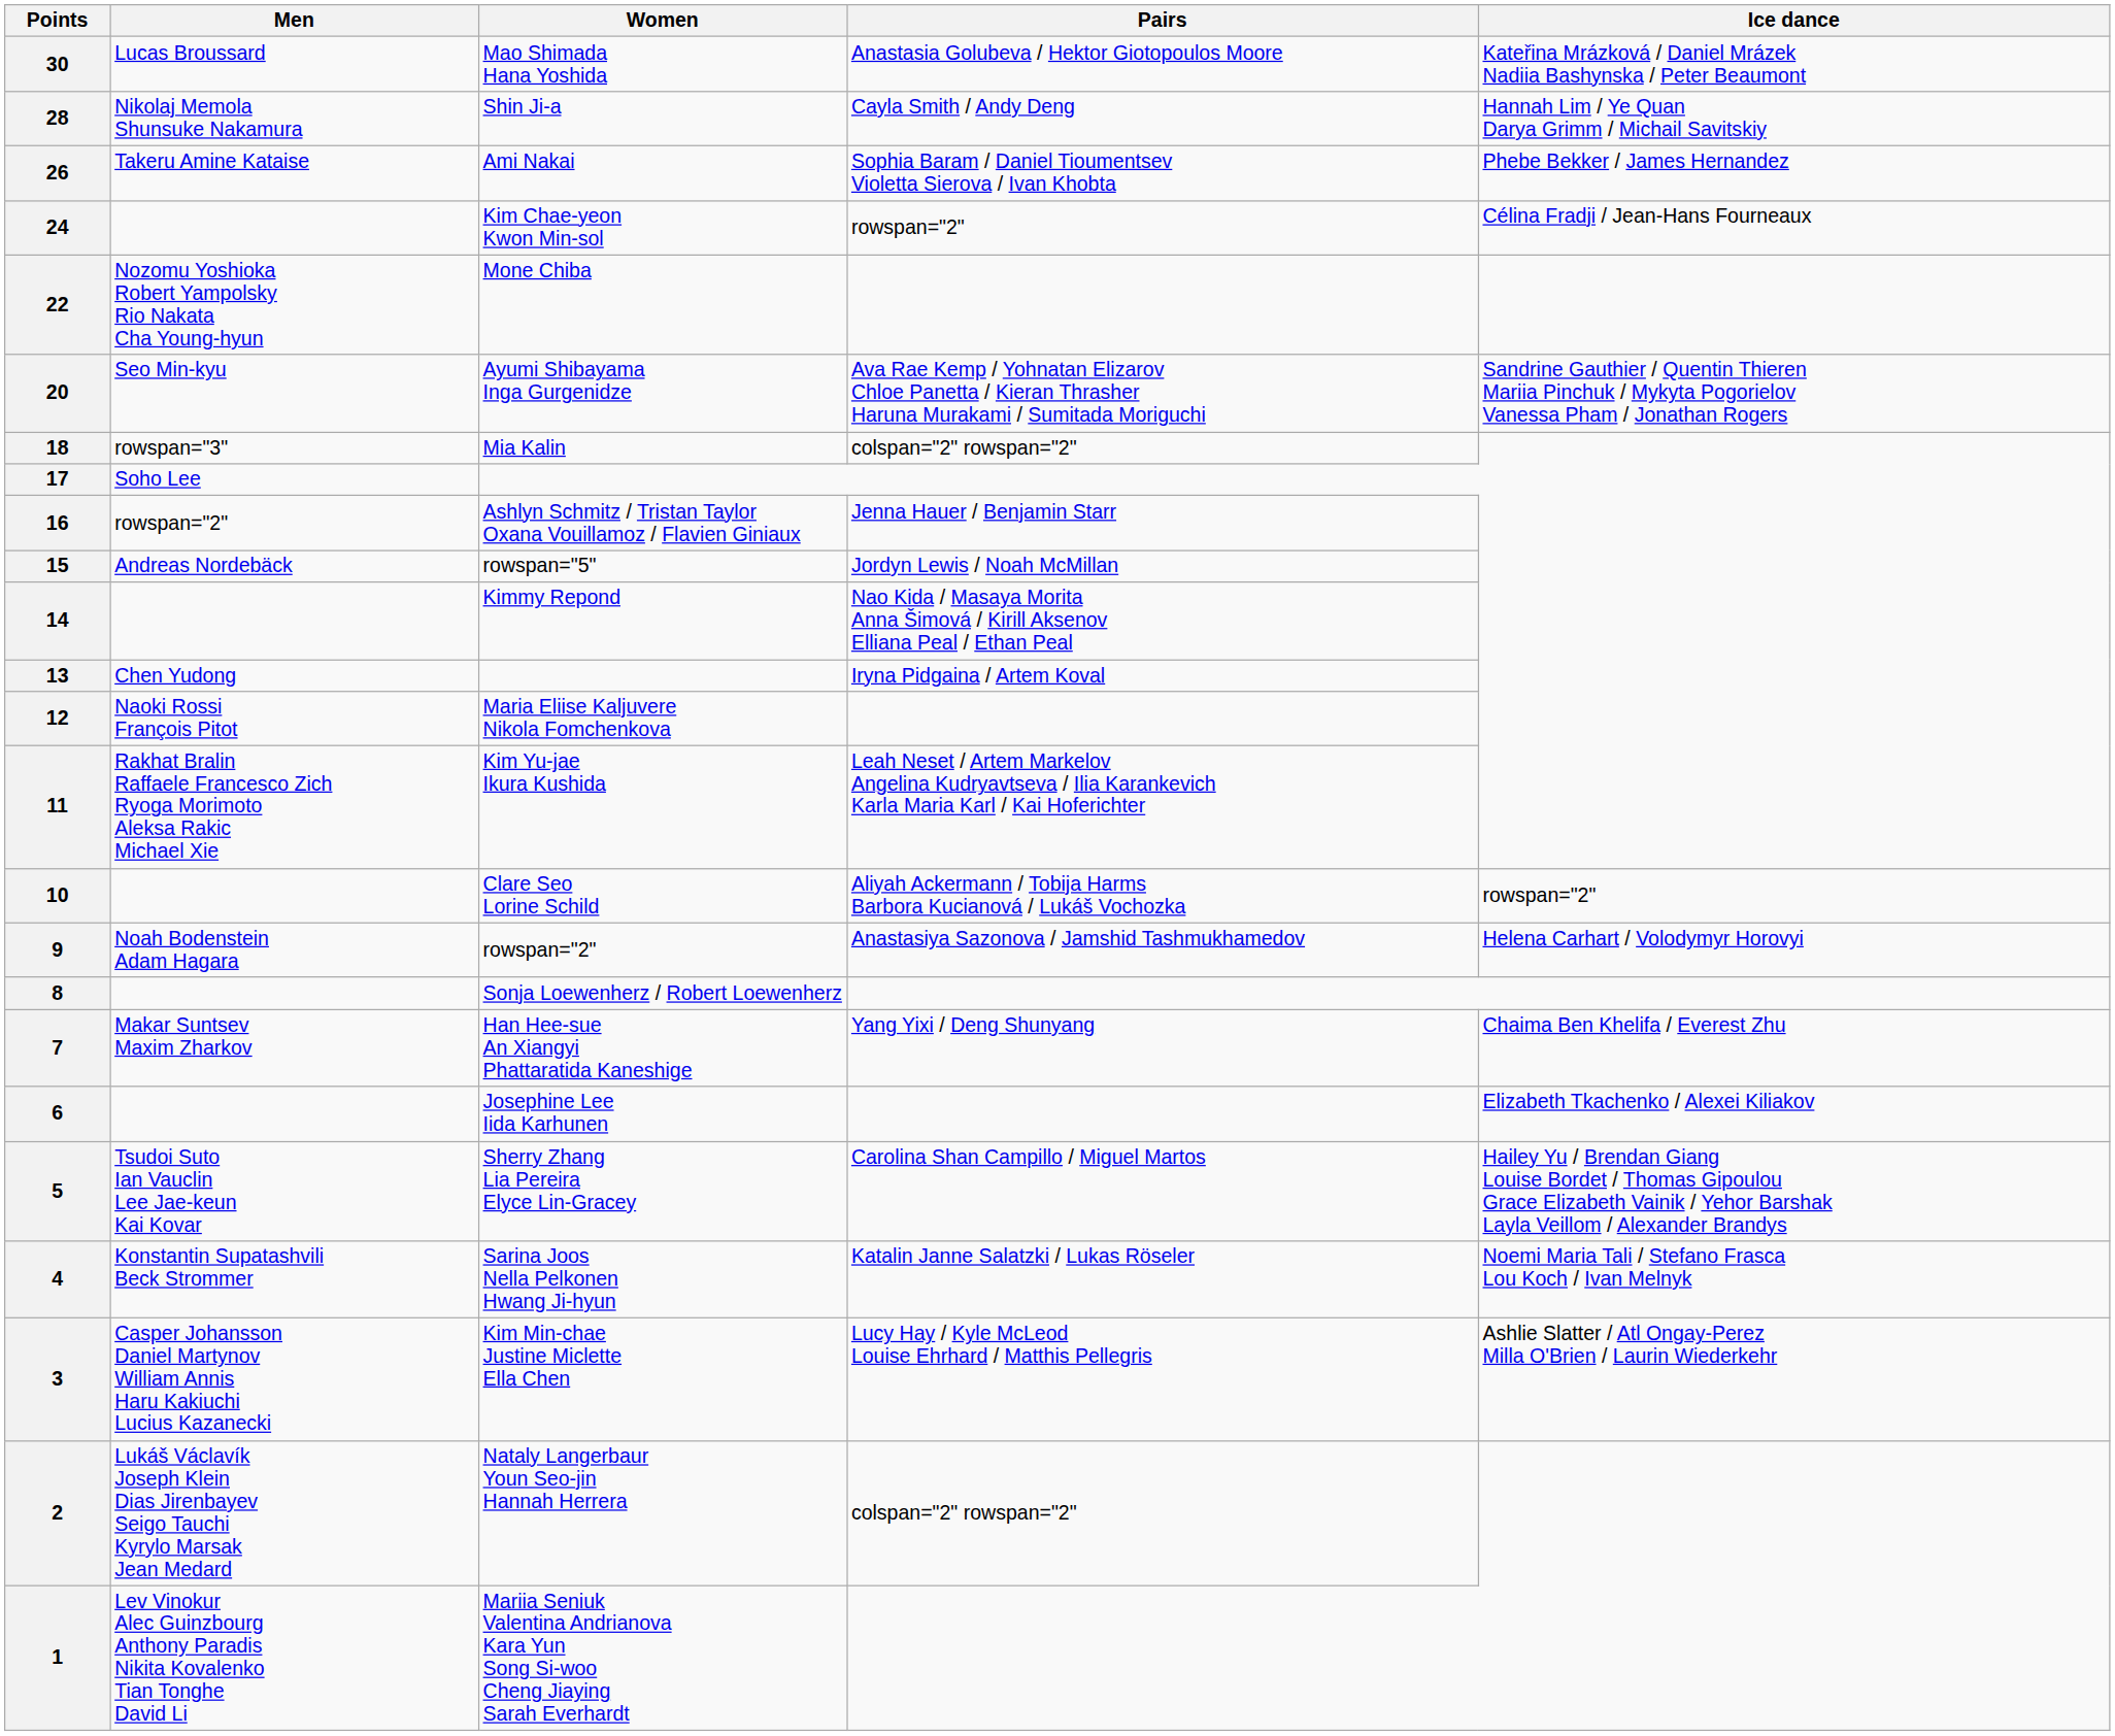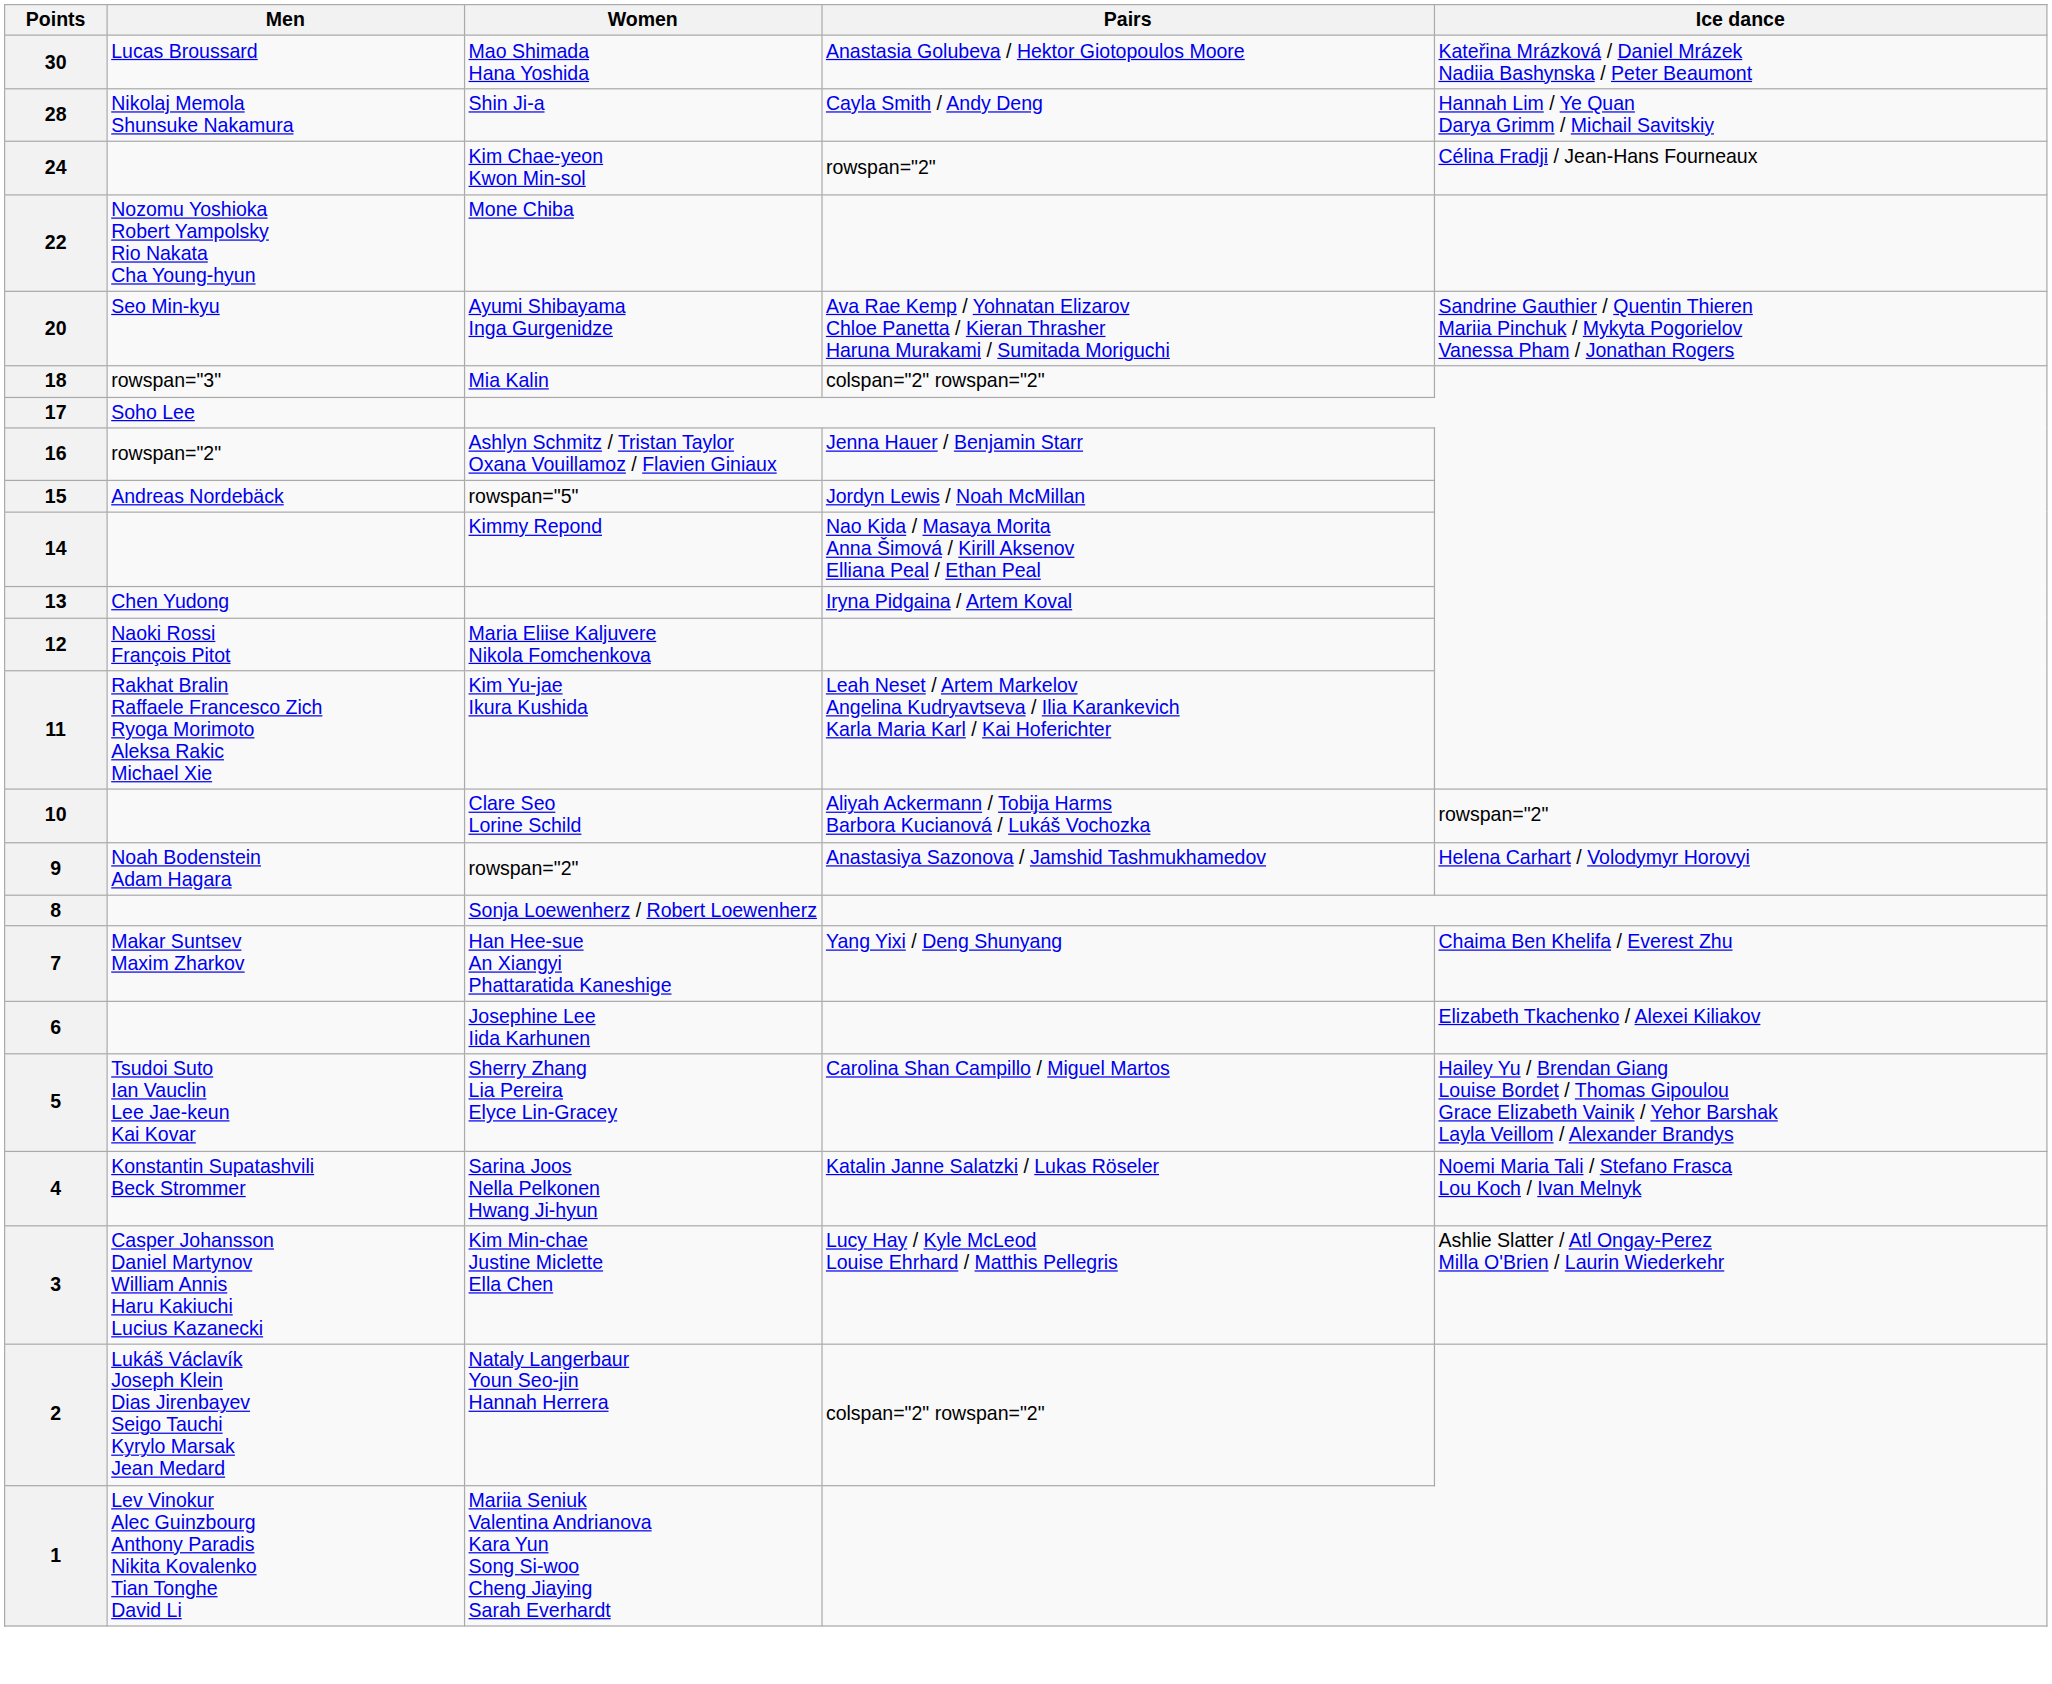 <table class="wikitable">
 <tr>
 <th scope="col" style="width:5%">Points</th>
 <th scope="col" style="width:17.5%">Men</th>
 <th scope="col" style="width:17.5%">Women</th>
 <th scope="col" style="width:30%">Pairs</th>
 <th scope="col" style="width:30%">Ice dance</th>
 </tr>
 <tr>
 <th scope="row">30</th>
 <td valign="top"> <a href='#'>Lucas Broussard</a></td>
 <td valign="top"> <a href='#'>Mao Shimada</a> <br>  <a href='#'>Hana Yoshida</a></td>
 <td valign="top"> <a href='#'>Anastasia Golubeva</a> / <a href='#'>Hektor Giotopoulos Moore</a></td>
 <td valign="top"> <a href='#'>Kateřina Mrázková</a> / <a href='#'>Daniel Mrázek</a> <br>  <a href='#'>Nadiia Bashynska</a> / <a href='#'>Peter Beaumont</a></td>
 </tr>
 <tr>
 <th scope="row">28</th>
 <td valign="top"> <a href='#'>Nikolaj Memola</a> <br>   <a href='#'>Shunsuke Nakamura</a></td>
 <td valign="top"> <a href='#'>Shin Ji-a</a></td>
 <td valign="top"> <a href='#'>Cayla Smith</a> / <a href='#'>Andy Deng</a></td>
 <td valign="top"> <a href='#'>Hannah Lim</a> / <a href='#'>Ye Quan</a> <br>  <a href='#'>Darya Grimm</a> / <a href='#'>Michail Savitskiy</a></td>
-</tr>
-<tr>
-<th scope="row">26</th>
-<td valign="top"> <a href='#'>Takeru Amine Kataise</a></td>
-<td valign="top"> <a href='#'>Ami Nakai</a></td>
-<td valign="top"> <a href='#'>Sophia Baram</a> / <a href='#'>Daniel Tioumentsev</a> <br>  <a href='#'>Violetta Sierova</a> / <a href='#'>Ivan Khobta</a></td>
-<td valign="top"> <a href='#'>Phebe Bekker</a> / <a href='#'>James Hernandez</a></td>
 </tr>
 <tr>
 <th scope="row">24</th>
 <td></td>
 <td valign="top"> <a href='#'>Kim Chae-yeon</a> <br>  <a href='#'>Kwon Min-sol</a></td>
 <td>rowspan="2" </td>
 <td valign="top"> <a href='#'>Célina Fradji</a> / Jean-Hans Fourneaux</td>
 </tr>
 <tr>
 <th scope="row">22</th>
 <td valign="top"> <a href='#'>Nozomu Yoshioka</a> <br>  <a href='#'>Robert Yampolsky</a> <br>  <a href='#'>Rio Nakata</a> <br>  <a href='#'>Cha Young-hyun</a></td>
 <td valign="top"> <a href='#'>Mone Chiba</a></td>
 <td></td>
 </tr>
 <tr>
 <th scope="row">20</th>
 <td valign="top"> <a href='#'>Seo Min-kyu</a></td>
 <td valign="top"> <a href='#'>Ayumi Shibayama</a> <br>  <a href='#'>Inga Gurgenidze</a></td>
 <td valign="top"> <a href='#'>Ava Rae Kemp</a> / <a href='#'>Yohnatan Elizarov</a> <br>  <a href='#'>Chloe Panetta</a> / <a href='#'>Kieran Thrasher</a> <br>  <a href='#'>Haruna Murakami</a> / <a href='#'>Sumitada Moriguchi</a></td>
 <td valign="top"> <a href='#'>Sandrine Gauthier</a> / <a href='#'>Quentin Thieren</a> <br>  <a href='#'>Mariia Pinchuk</a> / <a href='#'>Mykyta Pogorielov</a> <br>  <a href='#'>Vanessa Pham</a> / <a href='#'>Jonathan Rogers</a></td>
 </tr>
 <tr>
 <th scope="row">18</th>
 <td>rowspan="3" </td>
 <td valign="top"> <a href='#'>Mia Kalin</a></td>
 <td>colspan="2" rowspan="2" </td>
 </tr>
 <tr>
 <th scope="row">17</th>
 <td valign="top"> <a href='#'>Soho Lee</a></td>
 </tr>
 <tr>
 <th scope="row">16</th>
 <td>rowspan="2" </td>
 <td valign="top"> <a href='#'>Ashlyn Schmitz</a> / <a href='#'>Tristan Taylor</a> <br>  <a href='#'>Oxana Vouillamoz</a> / <a href='#'>Flavien Giniaux</a></td>
 <td valign="top"> <a href='#'>Jenna Hauer</a> / <a href='#'>Benjamin Starr</a></td>
 </tr>
 <tr>
 <th scope="row">15</th>
 <td valign="top"> <a href='#'>Andreas Nordebäck</a></td>
 <td>rowspan="5" </td>
 <td valign="top"> <a href='#'>Jordyn Lewis</a> / <a href='#'>Noah McMillan</a></td>
 </tr>
 <tr>
 <th scope="row">14</th>
 <td></td>
 <td valign="top"> <a href='#'>Kimmy Repond</a></td>
 <td valign="top"> <a href='#'>Nao Kida</a> / <a href='#'>Masaya Morita</a> <br>  <a href='#'>Anna Šimová</a> / <a href='#'>Kirill Aksenov</a> <br>  <a href='#'>Elliana Peal</a> / <a href='#'>Ethan Peal</a></td>
 </tr>
 <tr>
 <th scope="row">13</th>
 <td valign="top"> <a href='#'>Chen Yudong</a></td>
 <td></td>
 <td valign="top"> <a href='#'>Iryna Pidgaina</a> / <a href='#'>Artem Koval</a></td>
 </tr>
 <tr>
 <th scope="row">12</th>
 <td valign="top"> <a href='#'>Naoki Rossi</a> <br>  <a href='#'>François Pitot</a></td>
 <td valign="top"> <a href='#'>Maria Eliise Kaljuvere</a> <br>  <a href='#'>Nikola Fomchenkova</a></td>
 <td></td>
 </tr>
 <tr>
 <th scope="row">11</th>
 <td valign="top"> <a href='#'>Rakhat Bralin</a> <br>  <a href='#'>Raffaele Francesco Zich</a> <br>  <a href='#'>Ryoga Morimoto</a> <br>  <a href='#'>Aleksa Rakic</a> <br>  <a href='#'>Michael Xie</a></td>
 <td valign="top"> <a href='#'>Kim Yu-jae</a> <br>  <a href='#'>Ikura Kushida</a></td>
 <td valign="top"> <a href='#'>Leah Neset</a> / <a href='#'>Artem Markelov</a> <br>  <a href='#'>Angelina Kudryavtseva</a> / <a href='#'>Ilia Karankevich</a> <br>  <a href='#'>Karla Maria Karl</a> / <a href='#'>Kai Hoferichter</a></td>
 </tr>
 <tr>
 <th scope="row">10</th>
 <td></td>
 <td valign="top"> <a href='#'>Clare Seo</a> <br> <a href='#'>Lorine Schild</a></td>
 <td valign="top"> <a href='#'>Aliyah Ackermann</a> / <a href='#'>Tobija Harms</a> <br>  <a href='#'>Barbora Kucianová</a> / <a href='#'>Lukáš Vochozka</a></td>
 <td>rowspan="2" </td>
 </tr>
 <tr>
 <th scope="row">9</th>
 <td valign="top"> <a href='#'>Noah Bodenstein</a> <br>  <a href='#'>Adam Hagara</a></td>
 <td>rowspan="2" </td>
 <td valign="top"> <a href='#'>Anastasiya Sazonova</a> / <a href='#'>Jamshid Tashmukhamedov</a></td>
 <td valign="top"> <a href='#'>Helena Carhart</a> / <a href='#'>Volodymyr Horovyi</a></td>
 </tr>
 <tr>
 <th scope="row">8</th>
 <td></td>
 <td valign="top"> <a href='#'>Sonja Loewenherz</a> / <a href='#'>Robert Loewenherz</a></td>
 </tr>
 <tr>
 <th scope="row">7</th>
 <td valign="top"> <a href='#'>Makar Suntsev</a> <br>  <a href='#'>Maxim Zharkov</a></td>
 <td valign="top"> <a href='#'>Han Hee-sue</a> <br>  <a href='#'>An Xiangyi</a> <br>  <a href='#'>Phattaratida Kaneshige</a></td>
 <td valign="top"> <a href='#'>Yang Yixi</a> / <a href='#'>Deng Shunyang</a></td>
 <td valign="top"> <a href='#'>Chaima Ben Khelifa</a> / <a href='#'>Everest Zhu</a></td>
 </tr>
 <tr>
 <th scope="row">6</th>
 <td></td>
 <td valign="top"> <a href='#'>Josephine Lee</a> <br>  <a href='#'>Iida Karhunen</a></td>
 <td></td>
 <td valign="top"> <a href='#'>Elizabeth Tkachenko</a> / <a href='#'>Alexei Kiliakov</a></td>
 </tr>
 <tr>
 <th scope="row">5</th>
 <td valign="top"> <a href='#'>Tsudoi Suto</a> <br>  <a href='#'>Ian Vauclin</a> <br>  <a href='#'>Lee Jae-keun</a> <br>  <a href='#'>Kai Kovar</a></td>
 <td valign="top"> <a href='#'>Sherry Zhang</a> <br>  <a href='#'>Lia Pereira</a> <br>  <a href='#'>Elyce Lin-Gracey</a></td>
 <td valign="top"> <a href='#'>Carolina Shan Campillo</a> / <a href='#'>Miguel Martos</a></td>
 <td valign="top"> <a href='#'>Hailey Yu</a> / <a href='#'>Brendan Giang</a> <br>  <a href='#'>Louise Bordet</a> / <a href='#'>Thomas Gipoulou</a> <br>  <a href='#'>Grace Elizabeth Vainik</a> / <a href='#'>Yehor Barshak</a> <br>  <a href='#'>Layla Veillom</a> / <a href='#'>Alexander Brandys</a></td>
 </tr>
 <tr>
 <th scope="row">4</th>
 <td valign="top"> <a href='#'>Konstantin Supatashvili</a> <br>  <a href='#'>Beck Strommer</a></td>
 <td valign="top"> <a href='#'>Sarina Joos</a> <br>  <a href='#'>Nella Pelkonen</a> <br>  <a href='#'>Hwang Ji-hyun</a></td>
 <td valign="top"> <a href='#'>Katalin Janne Salatzki</a> / <a href='#'>Lukas Röseler</a></td>
 <td valign="top"> <a href='#'>Noemi Maria Tali</a> / <a href='#'>Stefano Frasca</a> <br>  <a href='#'>Lou Koch</a> / <a href='#'>Ivan Melnyk</a></td>
 </tr>
 <tr>
 <th scope="row">3</th>
 <td valign="top"> <a href='#'>Casper Johansson</a> <br>  <a href='#'>Daniel Martynov</a> <br>  <a href='#'>William Annis</a> <br>  <a href='#'>Haru Kakiuchi</a> <br>  <a href='#'>Lucius Kazanecki</a></td>
 <td valign="top"> <a href='#'>Kim Min-chae</a> <br>  <a href='#'>Justine Miclette</a> <br>  <a href='#'>Ella Chen</a></td>
 <td valign="top"> <a href='#'>Lucy Hay</a> / <a href='#'>Kyle McLeod</a> <br>  <a href='#'>Louise Ehrhard</a> / <a href='#'>Matthis Pellegris</a></td>
 <td valign="top"> Ashlie Slatter / <a href='#'>Atl Ongay-Perez</a> <br>  <a href='#'>Milla O'Brien</a> / <a href='#'>Laurin Wiederkehr</a></td>
 </tr>
 <tr>
 <th scope="row">2</th>
 <td valign="top"> <a href='#'>Lukáš Václavík</a> <br>  <a href='#'>Joseph Klein</a> <br>  <a href='#'>Dias Jirenbayev</a> <br>  <a href='#'>Seigo Tauchi</a> <br>  <a href='#'>Kyrylo Marsak</a> <br>  <a href='#'>Jean Medard</a></td>
 <td valign="top"> <a href='#'>Nataly Langerbaur</a> <br>  <a href='#'>Youn Seo-jin</a> <br>  <a href='#'>Hannah Herrera</a></td>
 <td>colspan="2" rowspan="2" </td>
 </tr>
 <tr>
 <th scope="row">1</th>
 <td valign="top"> <a href='#'>Lev Vinokur</a> <br>  <a href='#'>Alec Guinzbourg</a> <br>  <a href='#'>Anthony Paradis</a> <br>  <a href='#'>Nikita Kovalenko</a> <br>  <a href='#'>Tian Tonghe</a> <br>  <a href='#'>David Li</a></td>
 <td valign="top"> <a href='#'>Mariia Seniuk</a> <br>  <a href='#'>Valentina Andrianova</a> <br>  <a href='#'>Kara Yun</a> <br>  <a href='#'>Song Si-woo</a> <br>  <a href='#'>Cheng Jiaying</a> <br>  <a href='#'>Sarah Everhardt</a></td>
 </tr>
 </table>
